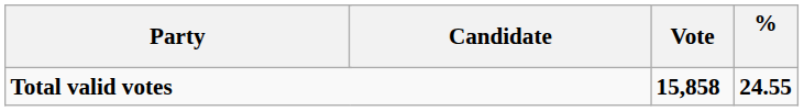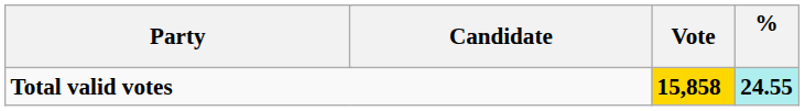 <table class="wikitable">
 <tr>
 <th bgcolor="#DDDDFF" width="230px" colspan="2">Party</th>
 <th bgcolor="#DDDDFF" width="200px">Candidate</th>
 <th bgcolor="#DDDDFF" width="50px">Vote</th>
 <th bgcolor="#DDDDFF" width="30px">%<br> <br></th>
 </tr>
 <tr>
 <td colspan="3"><strong>Total valid votes</strong></td>
-<td><strong>15,858</strong></td>
-<td><strong>24.55</strong></td>
+<td style="background: gold;"><strong>15,858</strong></td>
+<td style="background: paleturquoise;"><strong>24.55</strong></td>
 </tr>
 </table>
